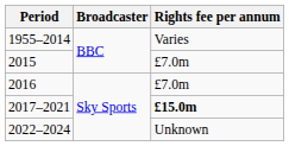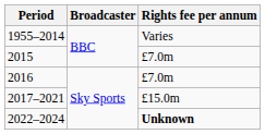 <table class="wikitable plainrowheaders sortable" style="font-size:95%">
 <tr>
 <th scope="col">Period</th>
 <th>Broadcaster</th>
 <th>Rights fee per annum</th>
 </tr>
 <tr>
 <td>1955–2014</td>
 <td rowspan="2"><a href='#'>BBC</a></td>
 <td>Varies</td>
 </tr>
 <tr>
 <td>2015</td>
 <td>£7.0m</td>
 </tr>
 <tr>
 <td>2016</td>
 <td rowspan="3"><a href='#'>Sky Sports</a></td>
 <td>£7.0m</td>
 </tr>
 <tr>
 <td>2017–2021</td>
-<td><strong>£15.0m</strong></td>
+<td>£15.0m</td>
 </tr>
 <tr>
 <td>2022–2024</td>
-<td>Unknown</td>
+<td><strong>Unknown</strong></td>
 </tr>
 </table>
